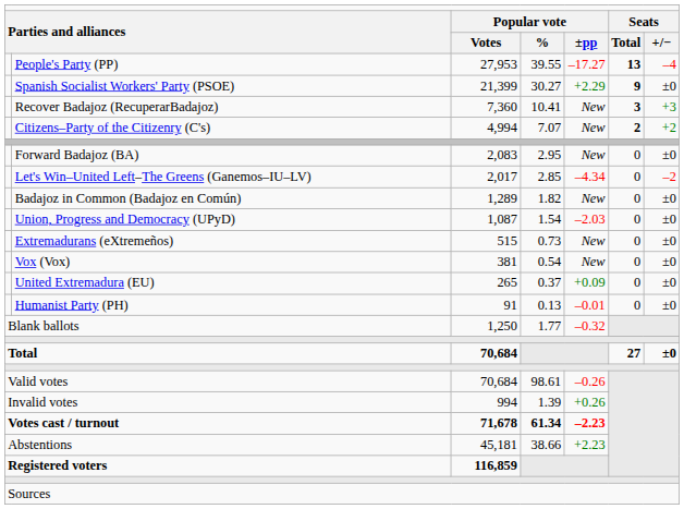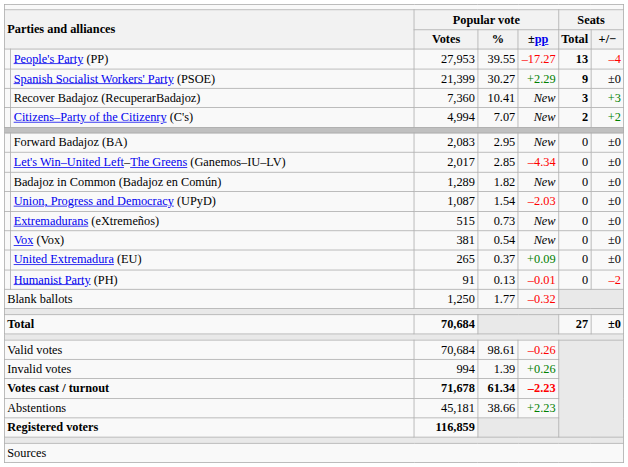 <table class="wikitable" style="text-align:right;">
 <tr>
 <td colspan="7"></td>
 </tr>
 <tr>
 <th style="text-align:left;" rowspan="2" colspan="2" width="525">Parties and alliances</th>
 <th colspan="3">Popular vote</th>
 <th colspan="2">Seats</th>
 </tr>
 <tr>
 <th width="75">Votes</th>
 <th width="45">%</th>
 <th width="45">±<a href='#'>pp</a></th>
 <th width="35">Total</th>
 <th width="35">+/−</th>
 </tr>
 <tr>
 <td width="1" style="color:inherit;background:"></td>
 <td align="left"><a href='#'>People's Party</a> (PP)</td>
 <td>27,953</td>
 <td>39.55</td>
 <td style="color:red;">–17.27</td>
 <td><strong>13</strong></td>
 <td style="color:red;">–4</td>
 </tr>
 <tr>
 <td style="color:inherit;background:"></td>
 <td align="left"><a href='#'>Spanish Socialist Workers' Party</a> (PSOE)</td>
 <td>21,399</td>
 <td>30.27</td>
 <td style="color:green;">+2.29</td>
 <td><strong>9</strong></td>
 <td>±0</td>
 </tr>
 <tr>
 <td style="color:inherit;background:"></td>
 <td align="left">Recover Badajoz (RecuperarBadajoz)</td>
 <td>7,360</td>
 <td>10.41</td>
 <td><em>New</em></td>
 <td><strong>3</strong></td>
 <td style="color:green;">+3</td>
 </tr>
 <tr>
 <td style="color:inherit;background:"></td>
 <td align="left"><a href='#'>Citizens–Party of the Citizenry</a> (C's)</td>
 <td>4,994</td>
 <td>7.07</td>
 <td><em>New</em></td>
 <td><strong>2</strong></td>
 <td style="color:green;">+2</td>
 </tr>
 <tr>
 <td colspan="7" bgcolor="#C0C0C0"></td>
 </tr>
 <tr>
 <td style="color:inherit;background:"></td>
 <td align="left">Forward Badajoz (BA)</td>
 <td>2,083</td>
 <td>2.95</td>
 <td><em>New</em></td>
 <td>0</td>
 <td>±0</td>
 </tr>
 <tr>
 <td style="color:inherit;background:"></td>
 <td align="left"><a href='#'>Let's Win–United Left</a>–<a href='#'>The Greens</a> (Ganemos–IU–LV)</td>
 <td>2,017</td>
 <td>2.85</td>
 <td style="color:red;">–4.34</td>
 <td>0</td>
-<td style="color:red;">–2</td>
+<td>±0</td>
 </tr>
 <tr>
 <td style="color:inherit;background:"></td>
 <td align="left">Badajoz in Common (Badajoz en Común)</td>
 <td>1,289</td>
 <td>1.82</td>
 <td><em>New</em></td>
 <td>0</td>
 <td>±0</td>
 </tr>
 <tr>
 <td style="color:inherit;background:"></td>
 <td align="left"><a href='#'>Union, Progress and Democracy</a> (UPyD)</td>
 <td>1,087</td>
 <td>1.54</td>
 <td style="color:red;">–2.03</td>
 <td>0</td>
 <td>±0</td>
 </tr>
 <tr>
 <td style="color:inherit;background:"></td>
 <td align="left"><a href='#'>Extremadurans</a> (eXtremeños)</td>
 <td>515</td>
 <td>0.73</td>
 <td><em>New</em></td>
 <td>0</td>
 <td>±0</td>
 </tr>
 <tr>
 <td style="color:inherit;background:"></td>
 <td align="left"><a href='#'>Vox</a> (Vox)</td>
 <td>381</td>
 <td>0.54</td>
 <td><em>New</em></td>
 <td>0</td>
 <td>±0</td>
 </tr>
 <tr>
 <td style="color:inherit;background:"></td>
 <td align="left"><a href='#'>United Extremadura</a> (EU)</td>
 <td>265</td>
 <td>0.37</td>
 <td style="color:green;">+0.09</td>
 <td>0</td>
 <td>±0</td>
 </tr>
 <tr>
 <td style="color:inherit;background:"></td>
 <td align="left"><a href='#'>Humanist Party</a> (PH)</td>
 <td>91</td>
 <td>0.13</td>
 <td style="color:red;">–0.01</td>
 <td>0</td>
-<td>±0</td>
+<td style="color:red;">–2</td>
 </tr>
 <tr>
 <td align="left" colspan="2">Blank ballots</td>
 <td>1,250</td>
 <td>1.77</td>
 <td style="color:red;">–0.32</td>
 <td bgcolor="#E9E9E9" colspan="2"></td>
 </tr>
 <tr>
 <td colspan="7" bgcolor="#E9E9E9"></td>
 </tr>
 <tr style="font-weight:bold;">
 <td align="left" colspan="2">Total</td>
 <td>70,684</td>
 <td bgcolor="#E9E9E9" colspan="2"></td>
 <td>27</td>
 <td>±0</td>
 </tr>
 <tr>
 <td colspan="7" bgcolor="#E9E9E9"></td>
 </tr>
 <tr>
 <td align="left" colspan="2">Valid votes</td>
 <td>70,684</td>
 <td>98.61</td>
 <td style="color:red;">–0.26</td>
 <td bgcolor="#E9E9E9" colspan="2" rowspan="5"></td>
 </tr>
 <tr>
 <td align="left" colspan="2">Invalid votes</td>
 <td>994</td>
 <td>1.39</td>
 <td style="color:green;">+0.26</td>
 </tr>
 <tr style="font-weight:bold;">
 <td align="left" colspan="2">Votes cast / turnout</td>
 <td>71,678</td>
 <td>61.34</td>
 <td style="color:red;">–2.23</td>
 </tr>
 <tr>
 <td align="left" colspan="2">Abstentions</td>
 <td>45,181</td>
 <td>38.66</td>
 <td style="color:green;">+2.23</td>
 </tr>
 <tr style="font-weight:bold;">
 <td align="left" colspan="2">Registered voters</td>
 <td>116,859</td>
 <td bgcolor="#E9E9E9" colspan="2"></td>
 </tr>
 <tr>
 <td colspan="7" bgcolor="#E9E9E9"></td>
 </tr>
 <tr>
 <td align="left" colspan="7">Sources</td>
 </tr>
 </table>
